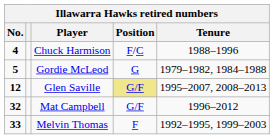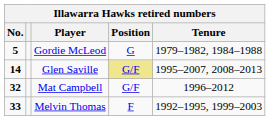 <table class="wikitable" style="text-align:center; font-size:95%;">
 <tr>
 <th colspan="5">Illawarra Hawks retired numbers</th>
 </tr>
 <tr>
 <th>No.</th>
 <th></th>
 <th>Player</th>
 <th>Position</th>
 <th>Tenure</th>
 </tr>
 <tr>
-<td><strong>4</strong></td>
-<td></td>
-<td><a href='#'>Chuck Harmison</a></td>
-<td><a href='#'>F</a>/<a href='#'>C</a></td>
-<td>1988–1996</td>
-</tr>
-<tr>
 <td><strong>5</strong></td>
 <td></td>
 <td><a href='#'>Gordie McLeod</a></td>
 <td><a href='#'>G</a></td>
 <td>1979–1982, 1984–1988</td>
 </tr>
 <tr>
-<td><strong>12</strong></td>
+<td><strong>14</strong></td>
 <td></td>
 <td><a href='#'>Glen Saville</a></td>
 <td style="background: khaki;"><a href='#'>G/F</a></td>
 <td>1995–2007, 2008–2013</td>
 </tr>
 <tr>
 <td><strong>32</strong></td>
 <td></td>
 <td><a href='#'>Mat Campbell</a></td>
 <td><a href='#'>G/F</a></td>
 <td>1996–2012</td>
 </tr>
 <tr>
 <td><strong>33</strong></td>
 <td></td>
 <td><a href='#'>Melvin Thomas</a></td>
 <td><a href='#'>F</a></td>
 <td>1992–1995, 1999–2003</td>
 </tr>
 </table>
